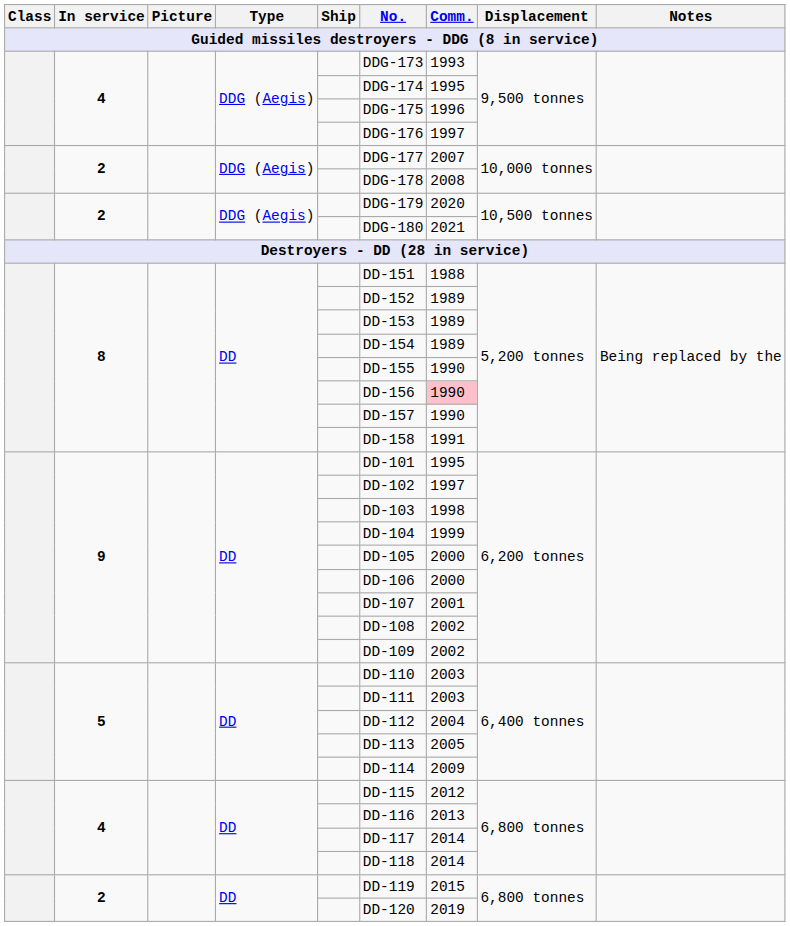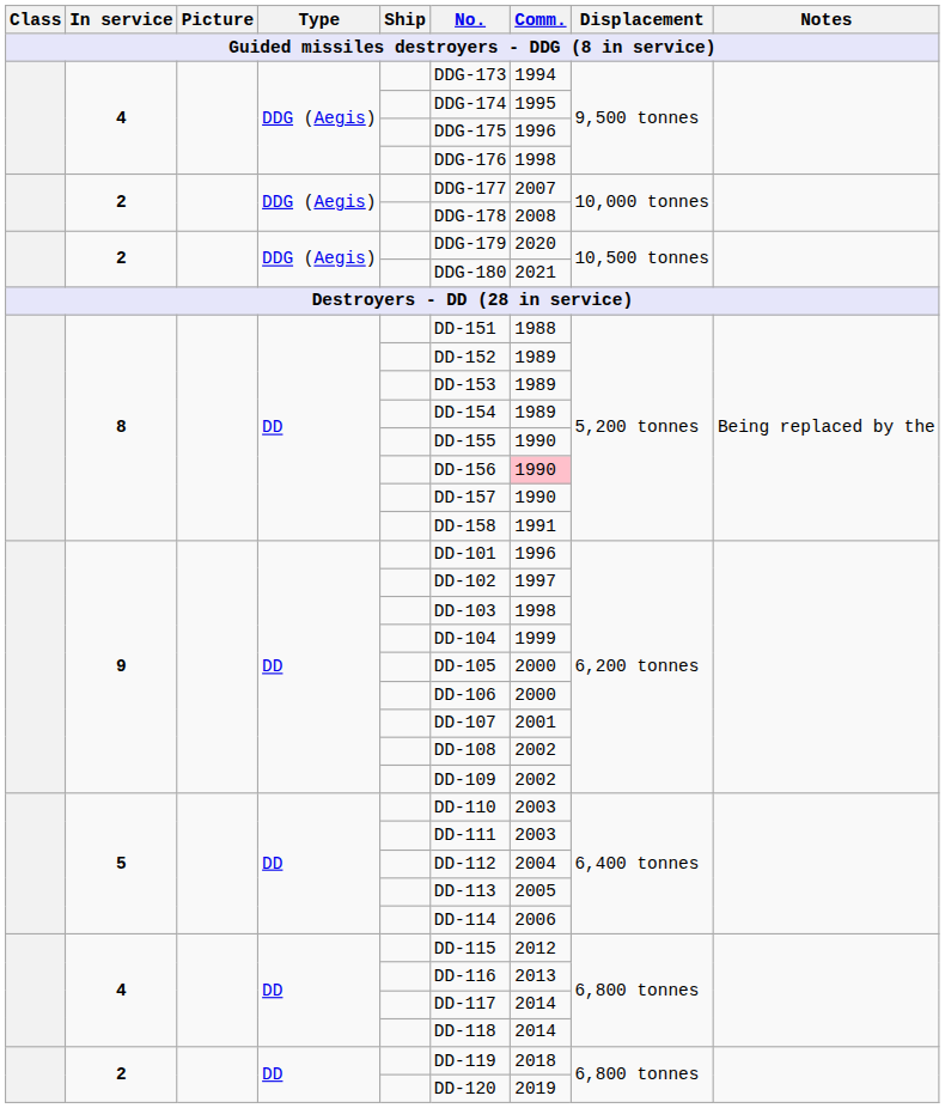 <table class="wikitable">
 <tr>
 <th>Class</th>
 <th>In service</th>
 <th>Picture</th>
 <th>Type</th>
 <th>Ship</th>
 <th><a href='#'>No.</a></th>
 <th><a href='#'>Comm.</a></th>
 <th>Displacement</th>
 <th>Notes</th>
 </tr>
 <tr>
 <th colspan="9" style="background: lavender;">Guided missiles destroyers - DDG (8 in service)</th>
 </tr>
 <tr>
 <th rowspan="4" style="text-align: left;"></th>
 <td rowspan="4" style="text-align: center;"><strong>4</strong></td>
 <td rowspan="4"></td>
 <td rowspan="4"><a href='#'>DDG</a> (<a href='#'>Aegis</a>)</td>
 <td></td>
 <td>DDG-173</td>
-<td>1993</td>
+<td>1994</td>
 <td rowspan="4">9,500 tonnes</td>
 <td rowspan="4"></td>
 </tr>
 <tr>
 <td></td>
 <td>DDG-174</td>
 <td>1995</td>
 </tr>
 <tr>
 <td></td>
 <td>DDG-175</td>
 <td>1996</td>
 </tr>
 <tr>
 <td></td>
 <td>DDG-176</td>
-<td>1997</td>
+<td>1998</td>
 </tr>
 <tr>
 <th rowspan="2" style="text-align: left;"></th>
 <td rowspan="2" style="text-align: center;"><strong>2</strong></td>
 <td rowspan="2"></td>
 <td rowspan="2"><a href='#'>DDG</a> (<a href='#'>Aegis</a>)</td>
 <td></td>
 <td>DDG-177</td>
 <td>2007</td>
 <td rowspan="2">10,000 tonnes</td>
 <td rowspan="2"></td>
 </tr>
 <tr>
 <td></td>
 <td>DDG-178</td>
 <td>2008</td>
 </tr>
 <tr>
 <th rowspan="2" style="text-align: left;"></th>
 <td rowspan="2" style="text-align: center;"><strong>2</strong></td>
 <td rowspan="2"></td>
 <td rowspan="2"><a href='#'>DDG</a> (<a href='#'>Aegis</a>)</td>
 <td></td>
 <td>DDG-179</td>
 <td>2020</td>
 <td rowspan="2">10,500 tonnes</td>
 <td rowspan="2"></td>
 </tr>
 <tr>
 <td></td>
 <td>DDG-180</td>
 <td>2021</td>
 </tr>
 <tr>
 <th colspan="9" style="background: lavender;">Destroyers - DD (28 in service)</th>
 </tr>
 <tr>
 <th rowspan="8" style="text-align: left;"></th>
 <td rowspan="8" style="text-align: center;"><strong>8</strong></td>
 <td rowspan="8"></td>
 <td rowspan="8"><a href='#'>DD</a></td>
 <td></td>
 <td>DD-151</td>
 <td>1988</td>
 <td rowspan="8">5,200 tonnes</td>
 <td rowspan="8">Being replaced by the  </td>
 </tr>
 <tr>
 <td></td>
 <td>DD-152</td>
 <td>1989</td>
 </tr>
 <tr>
 <td></td>
 <td>DD-153</td>
 <td>1989</td>
 </tr>
 <tr>
 <td></td>
 <td>DD-154</td>
 <td>1989</td>
 </tr>
 <tr>
 <td></td>
 <td>DD-155</td>
 <td>1990</td>
 </tr>
 <tr>
 <td></td>
 <td>DD-156</td>
 <td style="background: pink;">1990</td>
 </tr>
 <tr>
 <td></td>
 <td>DD-157</td>
 <td>1990</td>
 </tr>
 <tr>
 <td></td>
 <td>DD-158</td>
 <td>1991</td>
 </tr>
 <tr>
 <th rowspan="9" style="text-align: left;"></th>
 <td rowspan="9" style="text-align: center;"><strong>9</strong></td>
 <td rowspan="9"></td>
 <td rowspan="9"><a href='#'>DD</a></td>
 <td></td>
 <td>DD-101</td>
-<td>1995</td>
+<td>1996</td>
 <td rowspan="9">6,200 tonnes</td>
 <td rowspan="9"></td>
 </tr>
 <tr>
 <td></td>
 <td>DD-102</td>
 <td>1997</td>
 </tr>
 <tr>
 <td></td>
 <td>DD-103</td>
 <td>1998</td>
 </tr>
 <tr>
 <td></td>
 <td>DD-104</td>
 <td>1999</td>
 </tr>
 <tr>
 <td></td>
 <td>DD-105</td>
 <td>2000</td>
 </tr>
 <tr>
 <td></td>
 <td>DD-106</td>
 <td>2000</td>
 </tr>
 <tr>
 <td></td>
 <td>DD-107</td>
 <td>2001</td>
 </tr>
 <tr>
 <td></td>
 <td>DD-108</td>
 <td>2002</td>
 </tr>
 <tr>
 <td></td>
 <td>DD-109</td>
 <td>2002</td>
 </tr>
 <tr>
 <th rowspan="5" style="text-align: left;"></th>
 <td rowspan="5" style="text-align: center;"><strong>5</strong></td>
 <td rowspan="5"></td>
 <td rowspan="5"><a href='#'>DD</a></td>
 <td></td>
 <td>DD-110</td>
 <td>2003</td>
 <td rowspan="5">6,400 tonnes</td>
 <td rowspan="5"></td>
 </tr>
 <tr>
 <td></td>
 <td>DD-111</td>
 <td>2003</td>
 </tr>
 <tr>
 <td></td>
 <td>DD-112</td>
 <td>2004</td>
 </tr>
 <tr>
 <td></td>
 <td>DD-113</td>
 <td>2005</td>
 </tr>
 <tr>
 <td></td>
 <td>DD-114</td>
-<td>2009</td>
+<td>2006</td>
 </tr>
 <tr>
 <th rowspan="4" style="text-align: left;"></th>
 <td rowspan="4" style="text-align: center;"><strong>4</strong></td>
 <td rowspan="4"></td>
 <td rowspan="4"><a href='#'>DD</a></td>
 <td></td>
 <td>DD-115</td>
 <td>2012</td>
 <td rowspan="4">6,800 tonnes</td>
 <td rowspan="4"></td>
 </tr>
 <tr>
 <td></td>
 <td>DD-116</td>
 <td>2013</td>
 </tr>
 <tr>
 <td></td>
 <td>DD-117</td>
 <td>2014</td>
 </tr>
 <tr>
 <td></td>
 <td>DD-118</td>
 <td>2014</td>
 </tr>
 <tr>
 <th rowspan="2" style="text-align: left;"></th>
 <td rowspan="2" style="text-align: center;"><strong>2</strong></td>
 <td rowspan="2"></td>
 <td rowspan="2"><a href='#'>DD</a></td>
 <td></td>
 <td>DD-119</td>
-<td>2015</td>
+<td>2018</td>
 <td rowspan="2">6,800 tonnes</td>
 <td rowspan="2"></td>
 </tr>
 <tr>
 <td></td>
 <td>DD-120</td>
 <td>2019</td>
 </tr>
 </table>
